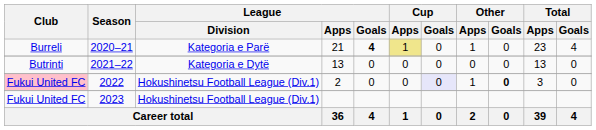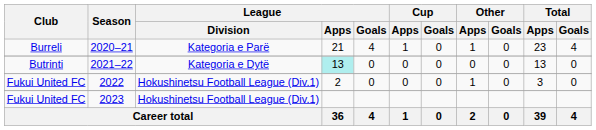 <table class="wikitable" style="text-align: center">
 <tr>
 <th rowspan="2">Club</th>
 <th rowspan="2">Season</th>
 <th colspan="3">League</th>
 <th colspan="2">Cup</th>
 <th colspan="2">Other</th>
 <th colspan="2">Total</th>
 </tr>
 <tr>
 <th>Division</th>
 <th>Apps</th>
 <th>Goals</th>
 <th>Apps</th>
 <th>Goals</th>
 <th>Apps</th>
 <th>Goals</th>
 <th>Apps</th>
 <th>Goals</th>
 </tr>
 <tr>
 <td><a href='#'>Burreli</a></td>
 <td><a href='#'>2020–21</a></td>
 <td><a href='#'>Kategoria e Parë</a></td>
 <td>21</td>
-<td><strong>4</strong></td>
-<td style="background: khaki;">1</td>
+<td>4</td>
+<td>1</td>
 <td>0</td>
 <td>1</td>
 <td>0</td>
 <td>23</td>
 <td>4</td>
 </tr>
 <tr>
 </tr>
 <tr>
 <td><a href='#'>Butrinti</a></td>
 <td><a href='#'>2021–22</a></td>
 <td><a href='#'>Kategoria e Dytë</a></td>
-<td>13</td>
+<td style="background: paleturquoise;">13</td>
 <td>0</td>
 <td>0</td>
 <td>0</td>
 <td>0</td>
 <td>0</td>
 <td>13</td>
 <td>0</td>
 </tr>
 <tr>
 </tr>
 <tr>
-<td style="background: pink;"><a href='#'>Fukui United FC</a></td>
+<td><a href='#'>Fukui United FC</a></td>
 <td><a href='#'>2022</a></td>
 <td><a href='#'> Hokushinetsu Football League (Div.1)</a></td>
 <td>2</td>
 <td>0</td>
 <td>0</td>
-<td style="background: lavender;">0</td>
+<td>0</td>
 <td>1</td>
-<td><strong>0</strong></td>
+<td>0</td>
 <td>3</td>
 <td>0</td>
 </tr>
 <tr>
 </tr>
 <tr>
 <td><a href='#'>Fukui United FC</a></td>
 <td><a href='#'>2023</a></td>
 <td><a href='#'> Hokushinetsu Football League (Div.1)</a></td>
 <td></td>
 <td></td>
 <td></td>
 <td></td>
 <td></td>
 <td></td>
 <td></td>
 <td></td>
 </tr>
 <tr>
 <th colspan="3">Career total</th>
 <th>36</th>
 <th>4</th>
 <th>1</th>
 <th>0</th>
 <th>2</th>
 <th>0</th>
 <th>39</th>
 <th>4</th>
 </tr>
 </table>
